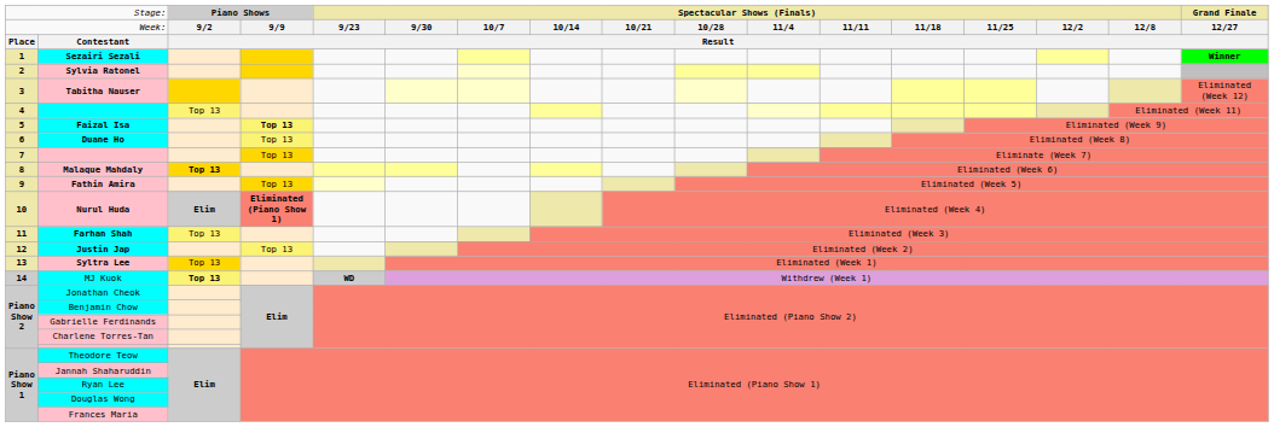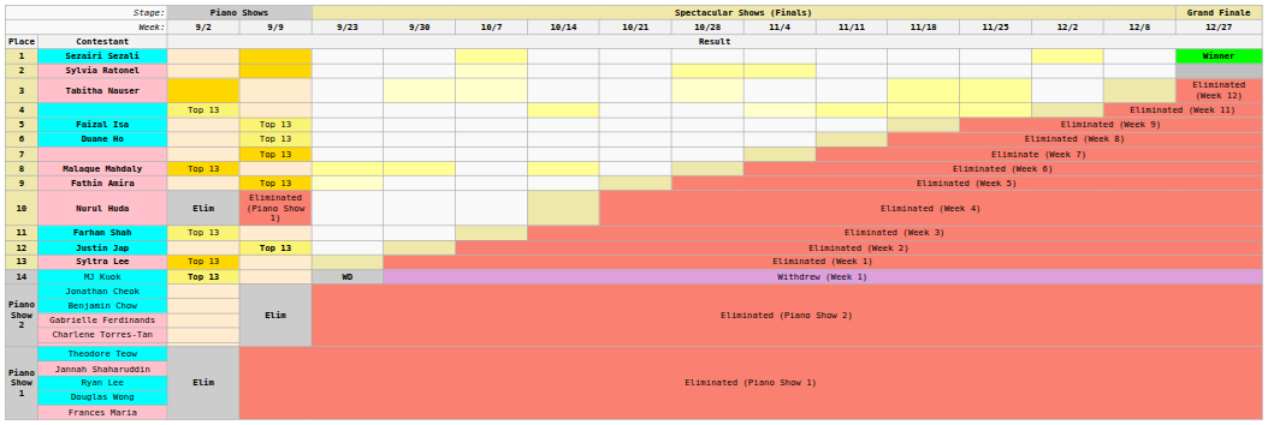 <table class="wikitable" style="margin-left: auto; margin-right: auto; border: none; text-align:center; font-size:85%">
 <tr>
 <td colspan="2" style="text-align:right;"><em>Stage:</em></td>
 <td colspan="2"  style="background: #ccc; text-align:center;"><strong>Piano Shows </strong></td>
 <td colspan="12"  style="background:palegoldenrod; text-align:Center;"><strong>Spectacular Shows (Finals)</strong></td>
 <td style="background:palegoldenrod; text-align:Center;"><strong>Grand Finale</strong></td>
 </tr>
 <tr>
 <td colspan="2" style="text-align:right;"><em>Week:</em></td>
 <th width=5%>9/2</th>
 <th width=5%>9/9</th>
 <th width=5%>9/23</th>
 <th width=5%>9/30</th>
 <th width=5%>10/7</th>
 <th width=5%>10/14</th>
 <th width=5%>10/21</th>
 <th width=5%>10/28</th>
 <th width=5%>11/4</th>
 <th width=5%>11/11</th>
 <th width=5%>11/18</th>
 <th width=5%>11/25 </th>
 <th width=5%>12/2</th>
 <th width=5%>12/8</th>
 <th width=6%>12/27</th>
 </tr>
 <tr>
 <th width=1%>Place</th>
 <th width=9%>Contestant</th>
 <th colspan="15">Result</th>
 </tr>
 <tr>
 <td style="background: palegoldenrod;"><strong>1</strong></td>
 <td style="background:cyan;"><strong>Sezairi Sezali</strong></td>
 <td style="background:#FFEBCD;"></td>
 <td style="background:gold"></td>
 <td></td>
 <td></td>
 <td style="background:#ff9; text-align:center;"></td>
 <td></td>
 <td></td>
 <td></td>
 <td></td>
 <td></td>
 <td></td>
 <td></td>
 <td style="background:#ff9; text-align:center;"></td>
 <td></td>
 <td style="background:lime;"><strong>Winner</strong></td>
 </tr>
 <tr>
 <td style="background: palegoldenrod;"><strong>2</strong></td>
 <td style="background:pink;"><strong>Sylvia Ratonel</strong></td>
 <td style="background:#FFEBCD;"></td>
 <td style="background:gold;"></td>
 <td></td>
 <td></td>
 <td style="background:#ffc; text-align:center;"></td>
 <td></td>
 <td></td>
 <td style="background:#ff9; text-align:center;"></td>
 <td style="background:#ff9; text-align:center;"></td>
 <td></td>
 <td></td>
 <td></td>
 <td></td>
 <td></td>
 <td style="background: silver;"><strong></strong></td>
 </tr>
 <tr>
 <td style="background: palegoldenrod;"><strong>3</strong></td>
 <td style="background:pink;"><strong>Tabitha Nauser</strong></td>
 <td style="background:gold"></td>
 <td style="background:#FFEBCD;"></td>
 <td></td>
 <td style="background:#ffc; text-align:center;"></td>
 <td style="background:#ffc; text-align:center;"></td>
 <td></td>
 <td></td>
 <td style="background:#ffc; text-align:center;"></td>
 <td></td>
 <td></td>
 <td style="background:#ff9; text-align:center;"></td>
 <td style="background:#ff9; text-align:center;"></td>
 <td></td>
 <td style="background: palegoldenrod;"><strong></strong></td>
 <td style="background: salmon;">Eliminated (Week 12)</td>
 </tr>
 <tr>
 <td style="background: palegoldenrod;"><strong>4</strong></td>
 <td style="background:cyan;"></td>
 <td style="background:#fbf373">Top 13</td>
 <td style="background:#FFEBCD;"></td>
 <td></td>
 <td></td>
 <td></td>
 <td style="background:#ff9; text-align:center;"></td>
 <td></td>
 <td></td>
 <td style="background:#ffc; text-align:center;"></td>
 <td style="background:#ff9; text-align:center;"></td>
 <td style="background:#ff9; text-align:center;"></td>
 <td style="background:#ff9; text-align:center;"></td>
 <td style="background: palegoldenrod;"><strong></strong></td>
 <td style="background: salmon;" colspan="2">Eliminated (Week 11)</td>
 </tr>
 <tr>
 <td style="background: palegoldenrod;"><strong>5</strong></td>
 <td style="background:cyan;"><strong>Faizal Isa</strong></td>
 <td style="background:#FFEBCD;"></td>
-<td style="background:#fbf373"><strong>Top 13</strong></td>
+<td style="background:#fbf373">Top 13</td>
 <td></td>
 <td></td>
 <td></td>
 <td></td>
 <td></td>
 <td></td>
 <td></td>
 <td></td>
 <td style="background: palegoldenrod;"><strong></strong></td>
 <td style="background: salmon;" colspan="4">Eliminated (Week 9)</td>
 </tr>
 <tr>
 <td style="background: palegoldenrod;"><strong>6</strong></td>
 <td style="background:cyan;"><strong>Duane Ho</strong></td>
 <td style="background:#FFEBCD;"></td>
 <td style="background:#fbf373">Top 13</td>
 <td></td>
 <td></td>
 <td></td>
 <td></td>
 <td></td>
 <td></td>
 <td></td>
 <td style="background: palegoldenrod;"><strong></strong></td>
 <td style="background: salmon;" colspan="5">Eliminated (Week 8)</td>
 </tr>
 <tr>
 <td style="background: palegoldenrod;"><strong>7</strong></td>
 <td style="background:pink;"></td>
 <td style="background:#FFEBCD;"></td>
 <td style="background:gold;">Top 13</td>
 <td></td>
 <td></td>
 <td></td>
 <td></td>
 <td></td>
 <td></td>
 <td style="background: palegoldenrod;"><strong></strong></td>
 <td style="background: salmon;" colspan="6">Eliminate (Week 7)</td>
 </tr>
 <tr>
 <td style="background: palegoldenrod;"><strong>8</strong></td>
 <td style="background:pink;"><strong>Malaque Mahdaly</strong></td>
-<td style="background:gold"><strong>Top 13</strong></td>
+<td style="background:gold">Top 13</td>
 <td style="background:#FFEBCD;"></td>
 <td style="background:#ff9; text-align:center;"></td>
 <td style="background:#ff9; text-align:center;"></td>
 <td></td>
 <td style="background:#ff9; text-align:center;"></td>
 <td></td>
 <td style="background: palegoldenrod;"><strong></strong></td>
 <td style="background: salmon;" colspan="7">Eliminated (Week 6)</td>
 </tr>
 <tr>
 <td style="background: palegoldenrod;"><strong>9</strong></td>
 <td style="background:pink;"><strong>Fathin Amira</strong></td>
 <td style="background:#FFEBCD;"></td>
 <td style="background:gold">Top 13</td>
 <td style="background:#ffc; text-align:center;"></td>
 <td></td>
 <td></td>
 <td></td>
 <td style="background: palegoldenrod;"><strong></strong></td>
 <td style="background: salmon;" colspan="8">Eliminated (Week 5)</td>
 </tr>
 <tr>
 <td style="background: palegoldenrod;"><strong>10</strong></td>
 <td style="background:pink;"><strong>Nurul Huda</strong></td>
 <td style="background: #ccc;"><strong>Elim</strong></td>
-<td style="background:salmon;"><strong>Eliminated (Piano Show 1)</strong></td>
+<td style="background:salmon;">Eliminated (Piano Show 1)</td>
 <td></td>
 <td></td>
 <td></td>
 <td style="background: palegoldenrod;"><strong></strong></td>
 <td style="background:salmon;" colspan="9">Eliminated (Week 4)</td>
 </tr>
 <tr>
 <td style="background: palegoldenrod;"><strong>11</strong></td>
 <td style="background:cyan;"><strong>Farhan Shah</strong></td>
 <td style="background:#fbf373">Top 13</td>
 <td style="background:#FFEBCD;"></td>
 <td></td>
 <td></td>
 <td style="background: palegoldenrod;"><strong></strong></td>
 <td style="background:salmon;" colspan="10">Eliminated (Week 3)</td>
 </tr>
 <tr>
 <td style="background: palegoldenrod;"><strong>12</strong></td>
 <td style="background:cyan;"><strong>Justin Jap</strong></td>
 <td style="background:#FFEBCD;"></td>
-<td style="background:#fbf373">Top 13</td>
+<td style="background:#fbf373"><strong>Top 13</strong></td>
 <td></td>
 <td style="background: palegoldenrod;"><strong></strong></td>
 <td style="background:salmon;" colspan="11">Eliminated (Week 2)</td>
 </tr>
 <tr>
 <td style="background: palegoldenrod;"><strong>13</strong></td>
 <td style="background:pink;"><strong>Syltra Lee</strong></td>
 <td style="background:gold">Top 13</td>
 <td style="background:#FFEBCD;"></td>
 <td style="background: palegoldenrod;"><strong></strong></td>
 <td style="background:salmon;" colspan="12">Eliminated (Week 1)</td>
 </tr>
 <tr>
 <td style="background: #ccc;"><strong>14</strong></td>
 <td style="background:cyan;">MJ Kuok</td>
 <td style="background:#fbf373"><strong>Top 13</strong></td>
 <td style="background:#FFEBCD;"></td>
 <td style="background:#ccc; text-align:Center;"><strong>WD</strong></td>
 <td colspan="12" style="background:#DDA0DD;">Withdrew (Week 1)</td>
 </tr>
 <tr>
 <td style="background:#ccc;" rowspan="5"><strong>Piano Show 2</strong></td>
 <td style="background:cyan;">Jonathan Cheok</td>
 <td style="background:#FFEBCD;"></td>
 <td style="background:#ccc;" rowspan="5"><strong>Elim</strong></td>
 <td style="background:salmon;" colspan="13" rowspan="5">Eliminated (Piano Show 2)</td>
 </tr>
 <tr>
 <td style="background:cyan;">Benjamin Chow</td>
 <td style="background:#FFEBCD;"></td>
 </tr>
 <tr>
 <td style="background:pink;">Gabrielle Ferdinands</td>
 <td style="background:#FFEBCD;"></td>
 </tr>
 <tr>
 <td style="background:pink;">Charlene Torres-Tan</td>
 <td style="background:#FFEBCD;"></td>
 </tr>
 <tr>
 <td style="background:pink;"></td>
 <td style="background:#FFEBCD;"></td>
 </tr>
 <tr>
 <td style="background:#ccc;" rowspan="5"><strong>Piano Show 1</strong></td>
 <td style="background:cyan;">Theodore Teow</td>
 <td style="background:#ccc;" rowspan="5"><strong>Elim</strong></td>
 <td style="background:salmon;" colspan="14" rowspan="5">Eliminated (Piano Show 1)</td>
 </tr>
 <tr>
 <td style="background:pink;">Jannah Shaharuddin</td>
 </tr>
 <tr>
 <td style="background:cyan;">Ryan Lee</td>
 </tr>
 <tr>
 <td style="background:cyan;">Douglas Wong</td>
 </tr>
 <tr>
 <td style="background:pink;">Frances Maria</td>
 </tr>
 </table>
